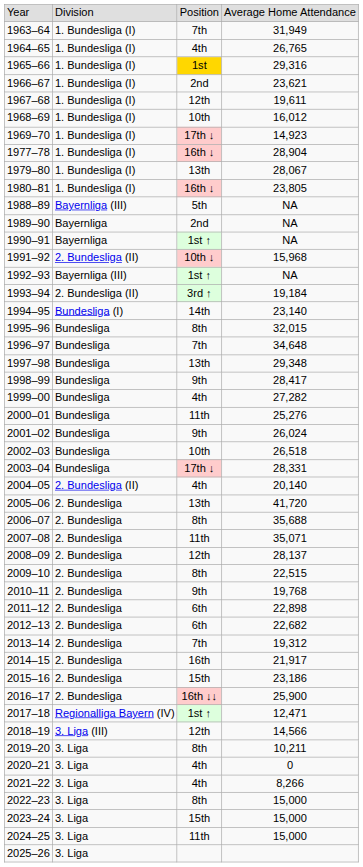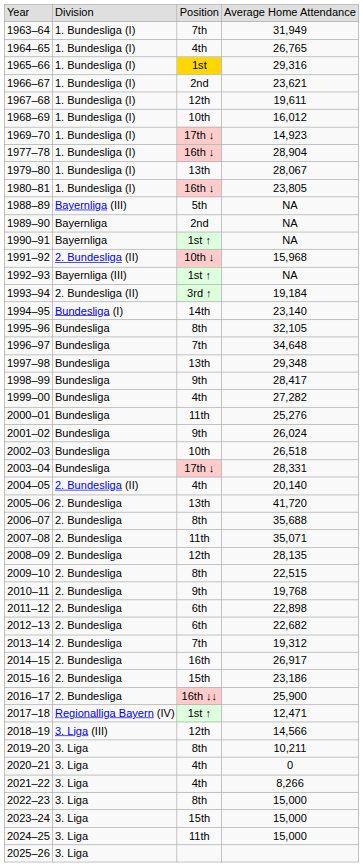 <table class="wikitable">
 <tr bgcolor="#dfdfdf">
 <td>Year</td>
 <td>Division</td>
 <td>Position</td>
 <td>Average Home Attendance</td>
 </tr>
 <tr align="center">
 <td>1963–64</td>
 <td align="left">1. Bundesliga (I)</td>
 <td>7th</td>
 <td>31,949</td>
 </tr>
 <tr align="center">
 <td>1964–65</td>
 <td align="left">1. Bundesliga (I)</td>
 <td>4th</td>
 <td>26,765</td>
 </tr>
 <tr align="center">
 <td>1965–66</td>
 <td align="left">1. Bundesliga (I)</td>
 <td style="background:gold">1st</td>
 <td>29,316</td>
 </tr>
 <tr align="center">
 <td>1966–67</td>
 <td align="left">1. Bundesliga (I)</td>
 <td>2nd</td>
 <td>23,621</td>
 </tr>
 <tr align="center">
 <td>1967–68</td>
 <td align="left">1. Bundesliga (I)</td>
 <td>12th</td>
 <td>19,611</td>
 </tr>
 <tr align="center">
 <td>1968–69</td>
 <td align="left">1. Bundesliga (I)</td>
 <td>10th</td>
 <td>16,012</td>
 </tr>
 <tr align="center">
 <td>1969–70</td>
 <td align="left">1. Bundesliga (I)</td>
 <td style="background:#ffcccc">17th ↓</td>
 <td>14,923</td>
 </tr>
 <tr align="center">
 <td>1977–78</td>
 <td align="left">1. Bundesliga (I)</td>
 <td style="background:#ffcccc">16th ↓</td>
 <td>28,904</td>
 </tr>
 <tr align="center">
 <td>1979–80</td>
 <td align="left">1. Bundesliga (I)</td>
 <td>13th</td>
 <td>28,067</td>
 </tr>
 <tr align="center">
 <td>1980–81</td>
 <td align="left">1. Bundesliga (I)</td>
 <td style="background:#ffcccc">16th ↓</td>
 <td>23,805</td>
 </tr>
 <tr align="center">
 <td>1988–89</td>
 <td align="left"><a href='#'>Bayernliga</a> (III)</td>
 <td>5th</td>
 <td>NA</td>
 </tr>
 <tr align="center">
 <td>1989–90</td>
 <td align="left">Bayernliga</td>
 <td>2nd</td>
 <td>NA</td>
 </tr>
 <tr align="center">
 <td>1990–91</td>
 <td align="left">Bayernliga</td>
 <td style="background:#ddffdd">1st ↑</td>
 <td>NA</td>
 </tr>
 <tr align="center">
 <td>1991–92</td>
 <td align="left"><a href='#'>2. Bundesliga</a> (II)</td>
 <td style="background:#ffcccc">10th ↓</td>
 <td>15,968</td>
 </tr>
 <tr align="center">
 <td>1992–93</td>
 <td align="left">Bayernliga (III)</td>
 <td style="background:#ddffdd">1st ↑</td>
 <td>NA</td>
 </tr>
 <tr align="center">
 <td>1993–94</td>
 <td align="left">2. Bundesliga (II)</td>
 <td style="background:#ddffdd">3rd ↑</td>
 <td>19,184</td>
 </tr>
 <tr align="center">
 <td>1994–95</td>
 <td align="left"><a href='#'>Bundesliga</a> (I)</td>
 <td>14th</td>
 <td>23,140</td>
 </tr>
 <tr align="center">
 <td>1995–96</td>
 <td align="left">Bundesliga</td>
 <td>8th</td>
-<td>32,015</td>
+<td>32,105</td>
 </tr>
 <tr align="center">
 <td>1996–97</td>
 <td align="left">Bundesliga</td>
 <td>7th</td>
 <td>34,648</td>
 </tr>
 <tr align="center">
 <td>1997–98</td>
 <td align="left">Bundesliga</td>
 <td>13th</td>
 <td>29,348</td>
 </tr>
 <tr align="center">
 <td>1998–99</td>
 <td align="left">Bundesliga</td>
 <td>9th</td>
 <td>28,417</td>
 </tr>
 <tr align="center">
 <td>1999–00</td>
 <td align="left">Bundesliga</td>
 <td>4th</td>
 <td>27,282</td>
 </tr>
 <tr align="center">
 <td>2000–01</td>
 <td align="left">Bundesliga</td>
 <td>11th</td>
 <td>25,276</td>
 </tr>
 <tr align="center">
 <td>2001–02</td>
 <td align="left">Bundesliga</td>
 <td>9th</td>
 <td>26,024</td>
 </tr>
 <tr align="center">
 <td>2002–03</td>
 <td align="left">Bundesliga</td>
 <td>10th</td>
 <td>26,518</td>
 </tr>
 <tr align="center">
 <td>2003–04</td>
 <td align="left">Bundesliga</td>
 <td style="background:#ffcccc">17th ↓</td>
 <td>28,331</td>
 </tr>
 <tr align="center">
 <td>2004–05</td>
 <td align="left"><a href='#'>2. Bundesliga</a> (II)</td>
 <td>4th</td>
 <td>20,140</td>
 </tr>
 <tr align="center">
 <td>2005–06</td>
 <td align="left">2. Bundesliga</td>
 <td>13th</td>
 <td>41,720</td>
 </tr>
 <tr align="center">
 <td>2006–07</td>
 <td align="left">2. Bundesliga</td>
 <td>8th</td>
 <td>35,688</td>
 </tr>
 <tr align="center">
 <td>2007–08</td>
 <td align="left">2. Bundesliga</td>
 <td>11th</td>
 <td>35,071</td>
 </tr>
 <tr align="center">
 <td>2008–09</td>
 <td align="left">2. Bundesliga</td>
 <td>12th</td>
-<td>28,137</td>
+<td>28,135</td>
 </tr>
 <tr align="center">
 <td>2009–10</td>
 <td align="left">2. Bundesliga</td>
 <td>8th</td>
 <td>22,515</td>
 </tr>
 <tr align="center">
 <td>2010–11</td>
 <td align="left">2. Bundesliga</td>
 <td>9th</td>
 <td>19,768</td>
 </tr>
 <tr align="center">
 <td>2011–12</td>
 <td align="left">2. Bundesliga</td>
 <td>6th</td>
 <td>22,898</td>
 </tr>
 <tr align="center">
 <td>2012–13</td>
 <td align="left">2. Bundesliga</td>
 <td>6th</td>
 <td>22,682</td>
 </tr>
 <tr align="center">
 <td>2013–14</td>
 <td align="left">2. Bundesliga</td>
 <td>7th</td>
 <td>19,312</td>
 </tr>
 <tr align="center">
 <td>2014–15</td>
 <td align="left">2. Bundesliga</td>
 <td>16th</td>
-<td>21,917</td>
+<td>26,917</td>
 </tr>
 <tr align="center">
 <td>2015–16</td>
 <td align="left">2. Bundesliga</td>
 <td>15th</td>
 <td>23,186</td>
 </tr>
 <tr align="center">
 <td>2016–17</td>
 <td align="left">2. Bundesliga</td>
 <td style="background:#ffcccc">16th ↓↓</td>
 <td>25,900</td>
 </tr>
 <tr align="center">
 <td>2017–18</td>
 <td align="left"><a href='#'>Regionalliga Bayern</a> (IV)</td>
 <td style="background:#ddffdd">1st ↑</td>
 <td>12,471</td>
 </tr>
 <tr align="center">
 <td>2018–19</td>
 <td align="left"><a href='#'>3. Liga</a> (III)</td>
 <td>12th</td>
 <td>14,566</td>
 </tr>
 <tr align="center">
 <td>2019–20</td>
 <td align="left">3. Liga</td>
 <td>8th</td>
 <td>10,211</td>
 </tr>
 <tr align="center">
 <td>2020–21</td>
 <td align="left">3. Liga</td>
 <td>4th</td>
 <td>0</td>
 </tr>
 <tr align="center">
 <td>2021–22</td>
 <td align="left">3. Liga</td>
 <td>4th</td>
 <td>8,266</td>
 </tr>
 <tr align="center">
 <td>2022–23</td>
 <td align="left">3. Liga</td>
 <td>8th</td>
 <td>15,000</td>
 </tr>
 <tr align="center">
 <td>2023–24</td>
 <td align="left">3. Liga</td>
 <td>15th</td>
 <td>15,000</td>
 </tr>
 <tr align="center">
 <td>2024–25</td>
 <td align="left">3. Liga</td>
 <td>11th</td>
 <td>15,000</td>
 </tr>
 <tr align="center">
 <td>2025–26</td>
 <td align="left">3. Liga</td>
 <td></td>
 <td></td>
 </tr>
 </table>
